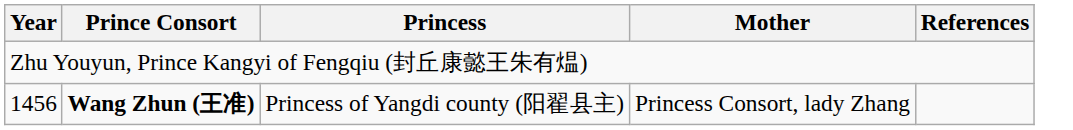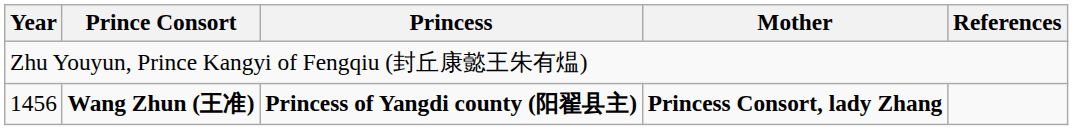 <table class="wikitable">
 <tr>
 <th>Year</th>
 <th>Prince Consort</th>
 <th>Princess</th>
 <th>Mother</th>
 <th>References</th>
 </tr>
 <tr>
 <td colspan="5">Zhu Youyun, Prince Kangyi of Fengqiu (封丘康懿王朱有煴)</td>
 </tr>
 <tr>
 <td>1456</td>
 <td><strong>Wang Zhun (王准)</strong></td>
-<td>Princess of Yangdi county (阳翟县主)</td>
-<td>Princess Consort, lady Zhang</td>
+<td><strong>Princess of Yangdi county (阳翟县主)</strong></td>
+<td><strong>Princess Consort, lady Zhang</strong></td>
 <td></td>
 </tr>
 </table>
